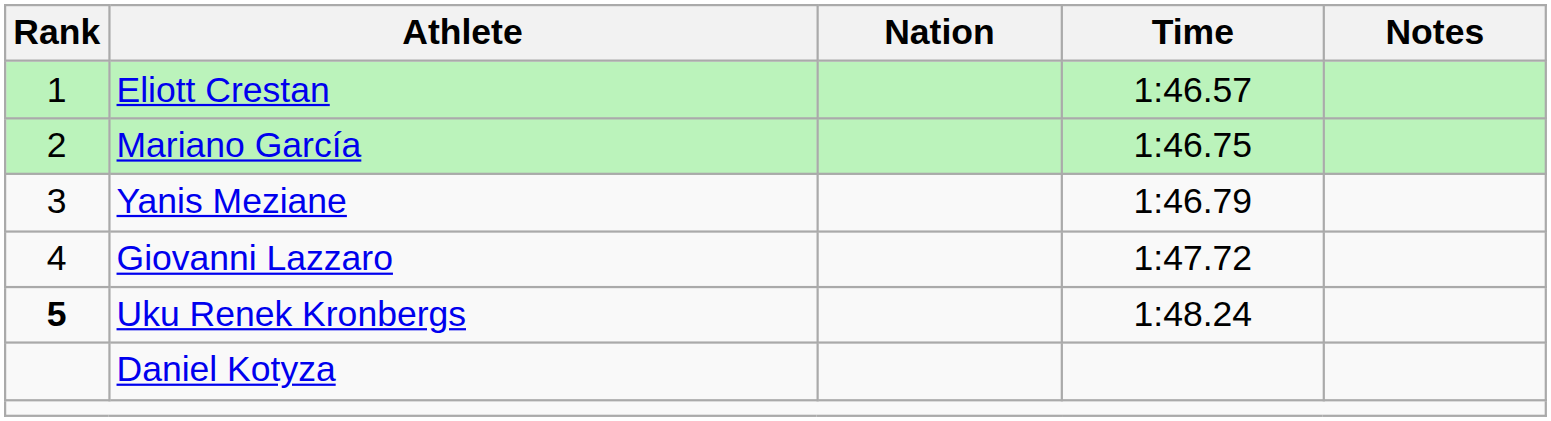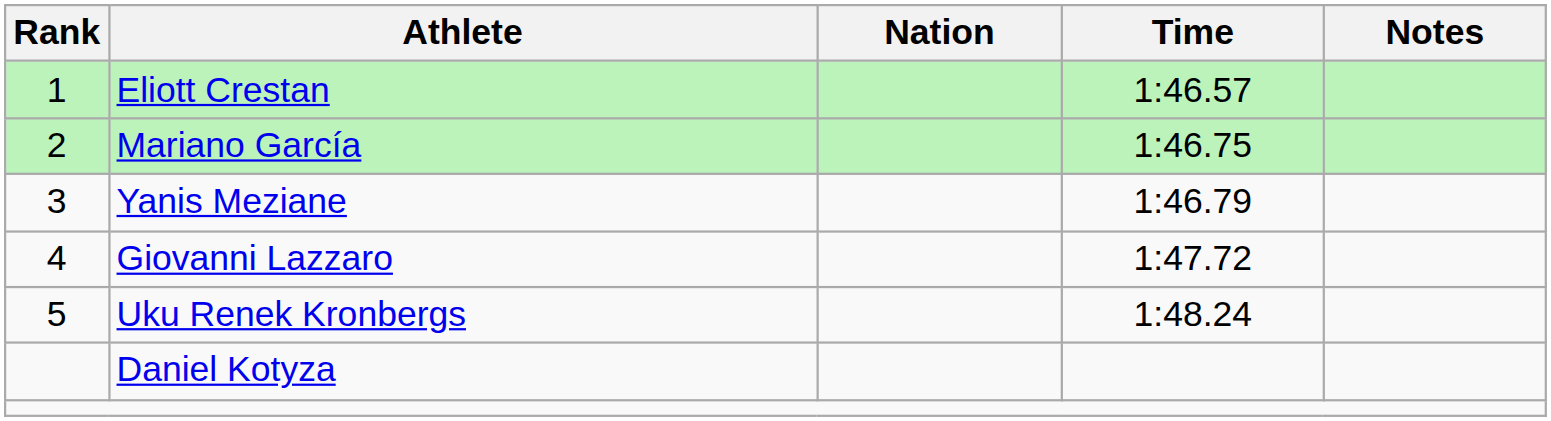 <table class="wikitable sortable" style="text-align:center;width: 55%;">
 <tr>
 <th scope="col" style="width: 10px;">Rank</th>
 <th scope="col">Athlete</th>
 <th scope="col">Nation</th>
 <th scope="col">Time</th>
 <th scope="col">Notes</th>
 </tr>
 <tr bgcolor=bbf3bb>
 <td>1</td>
 <td align=left><a href='#'>Eliott Crestan</a></td>
 <td align=left></td>
 <td>1:46.57</td>
 <td></td>
 </tr>
 <tr bgcolor=bbf3bb>
 <td>2</td>
 <td align=left><a href='#'>Mariano García</a></td>
 <td align=left></td>
 <td>1:46.75</td>
 <td></td>
 </tr>
 <tr>
 <td>3</td>
 <td align=left><a href='#'>Yanis Meziane</a></td>
 <td align=left></td>
 <td>1:46.79</td>
 <td></td>
 </tr>
 <tr>
 <td>4</td>
 <td align=left><a href='#'>Giovanni Lazzaro</a></td>
 <td align=left></td>
 <td>1:47.72</td>
 <td></td>
 </tr>
 <tr>
-<td><strong>5</strong></td>
+<td>5</td>
 <td align=left><a href='#'>Uku Renek Kronbergs</a></td>
 <td align=left></td>
 <td>1:48.24</td>
 <td></td>
 </tr>
 <tr>
 <td></td>
 <td align=left><a href='#'>Daniel Kotyza</a></td>
 <td align=left></td>
 <td></td>
 <td></td>
 </tr>
 <tr class="sortbottom">
 <td colspan="5"></td>
 </tr>
 </table>
